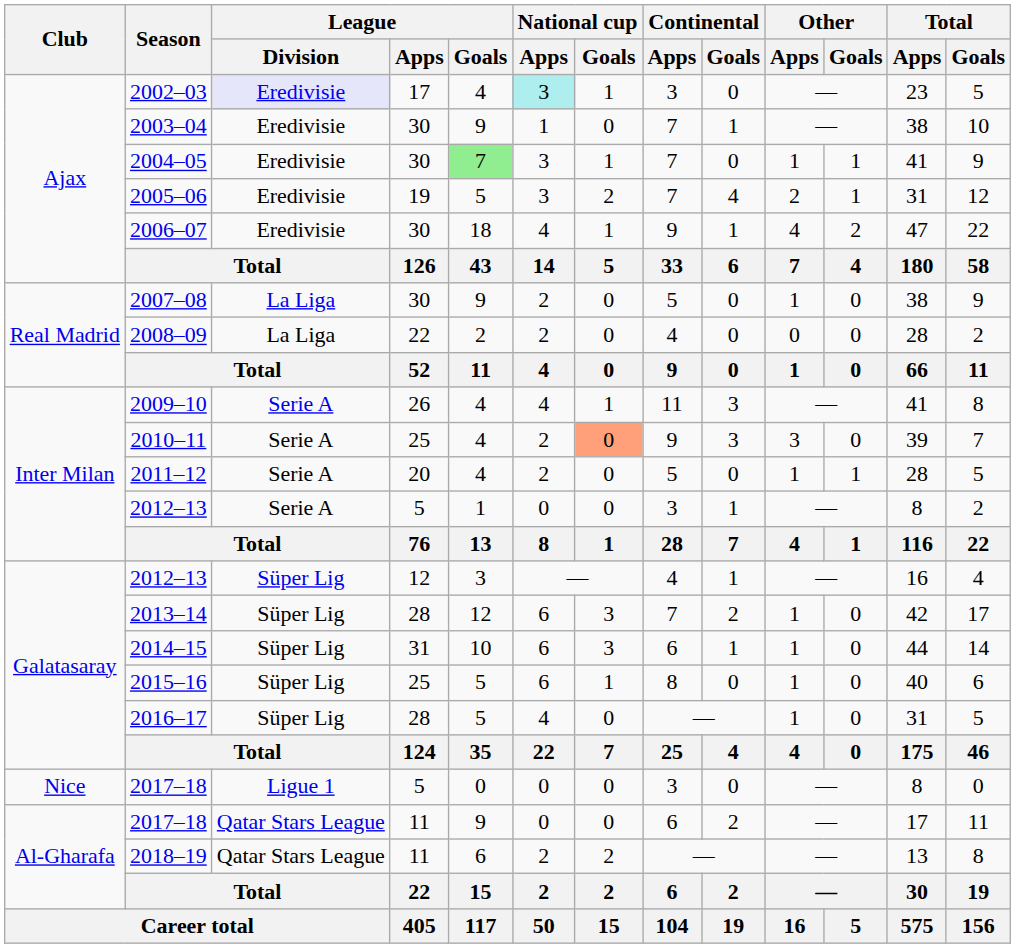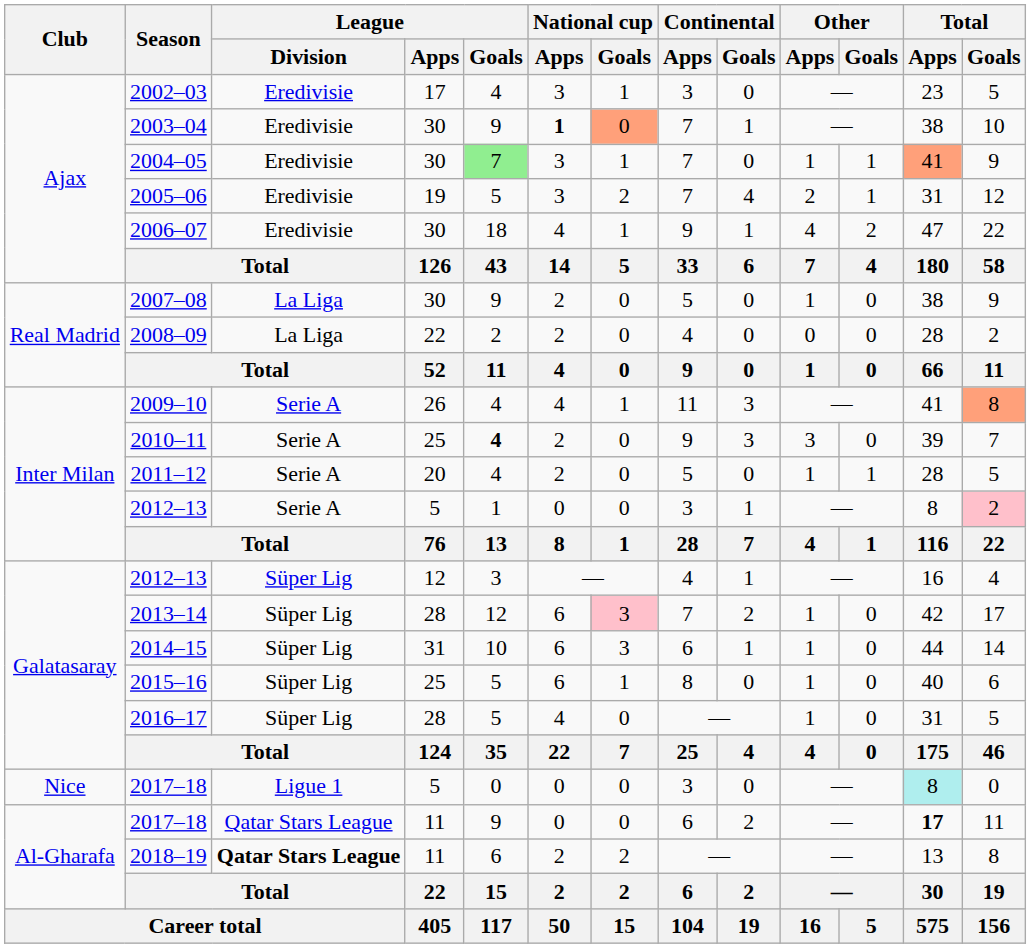 <table class="wikitable" style="text-align:center">
 <tr>
 <th rowspan="2">Club</th>
 <th rowspan="2">Season</th>
 <th colspan="3">League</th>
 <th colspan="2">National cup</th>
 <th colspan="2">Continental</th>
 <th colspan="2">Other</th>
 <th colspan="2">Total</th>
 </tr>
 <tr>
 <th>Division</th>
 <th>Apps</th>
 <th>Goals</th>
 <th>Apps</th>
 <th>Goals</th>
 <th>Apps</th>
 <th>Goals</th>
 <th>Apps</th>
 <th>Goals</th>
 <th>Apps</th>
 <th>Goals</th>
 </tr>
 <tr>
 <td rowspan="6"><a href='#'>Ajax</a></td>
 <td><a href='#'>2002–03</a></td>
-<td style="background: lavender;"><a href='#'>Eredivisie</a></td>
+<td><a href='#'>Eredivisie</a></td>
 <td>17</td>
 <td>4</td>
-<td style="background: paleturquoise;">3</td>
+<td>3</td>
 <td>1</td>
 <td>3</td>
 <td>0</td>
 <td colspan="2">—</td>
 <td>23</td>
 <td>5</td>
 </tr>
 <tr>
 <td><a href='#'>2003–04</a></td>
 <td>Eredivisie</td>
 <td>30</td>
 <td>9</td>
-<td>1</td>
-<td>0</td>
+<td><strong>1</strong></td>
+<td style="background: lightsalmon;">0</td>
 <td>7</td>
 <td>1</td>
 <td colspan="2">—</td>
 <td>38</td>
 <td>10</td>
 </tr>
 <tr>
 <td><a href='#'>2004–05</a></td>
 <td>Eredivisie</td>
 <td>30</td>
 <td style="background: lightgreen;">7</td>
 <td>3</td>
 <td>1</td>
 <td>7</td>
 <td>0</td>
 <td>1</td>
 <td>1</td>
-<td>41</td>
+<td style="background: lightsalmon;">41</td>
 <td>9</td>
 </tr>
 <tr>
 <td><a href='#'>2005–06</a></td>
 <td>Eredivisie</td>
 <td>19</td>
 <td>5</td>
 <td>3</td>
 <td>2</td>
 <td>7</td>
 <td>4</td>
 <td>2</td>
 <td>1</td>
 <td>31</td>
 <td>12</td>
 </tr>
 <tr>
 <td><a href='#'>2006–07</a></td>
 <td>Eredivisie</td>
 <td>30</td>
 <td>18</td>
 <td>4</td>
 <td>1</td>
 <td>9</td>
 <td>1</td>
 <td>4</td>
 <td>2</td>
 <td>47</td>
 <td>22</td>
 </tr>
 <tr>
 <th colspan="2">Total</th>
 <th>126</th>
 <th>43</th>
 <th>14</th>
 <th>5</th>
 <th>33</th>
 <th>6</th>
 <th>7</th>
 <th>4</th>
 <th>180</th>
 <th>58</th>
 </tr>
 <tr>
 <td rowspan="3"><a href='#'>Real Madrid</a></td>
 <td><a href='#'>2007–08</a></td>
 <td><a href='#'>La Liga</a></td>
 <td>30</td>
 <td>9</td>
 <td>2</td>
 <td>0</td>
 <td>5</td>
 <td>0</td>
 <td>1</td>
 <td>0</td>
 <td>38</td>
 <td>9</td>
 </tr>
 <tr>
 <td><a href='#'>2008–09</a></td>
 <td>La Liga</td>
 <td>22</td>
 <td>2</td>
 <td>2</td>
 <td>0</td>
 <td>4</td>
 <td>0</td>
 <td>0</td>
 <td>0</td>
 <td>28</td>
 <td>2</td>
 </tr>
 <tr>
 <th colspan="2">Total</th>
 <th>52</th>
 <th>11</th>
 <th>4</th>
 <th>0</th>
 <th>9</th>
 <th>0</th>
 <th>1</th>
 <th>0</th>
 <th>66</th>
 <th>11</th>
 </tr>
 <tr>
 <td rowspan="5"><a href='#'>Inter Milan</a></td>
 <td><a href='#'>2009–10</a></td>
 <td><a href='#'>Serie A</a></td>
 <td>26</td>
 <td>4</td>
 <td>4</td>
 <td>1</td>
 <td>11</td>
 <td>3</td>
 <td colspan="2">—</td>
 <td>41</td>
-<td>8</td>
+<td style="background: lightsalmon;">8</td>
 </tr>
 <tr>
 <td><a href='#'>2010–11</a></td>
 <td>Serie A</td>
 <td>25</td>
-<td>4</td>
+<td><strong>4</strong></td>
 <td>2</td>
-<td style="background: lightsalmon;">0</td>
+<td>0</td>
 <td>9</td>
 <td>3</td>
 <td>3</td>
 <td>0</td>
 <td>39</td>
 <td>7</td>
 </tr>
 <tr>
 <td><a href='#'>2011–12</a></td>
 <td>Serie A</td>
 <td>20</td>
 <td>4</td>
 <td>2</td>
 <td>0</td>
 <td>5</td>
 <td>0</td>
 <td>1</td>
 <td>1</td>
 <td>28</td>
 <td>5</td>
 </tr>
 <tr>
 <td><a href='#'>2012–13</a></td>
 <td>Serie A</td>
 <td>5</td>
 <td>1</td>
 <td>0</td>
 <td>0</td>
 <td>3</td>
 <td>1</td>
 <td colspan="2">—</td>
 <td>8</td>
-<td>2</td>
+<td style="background: pink;">2</td>
 </tr>
 <tr>
 <th colspan="2">Total</th>
 <th>76</th>
 <th>13</th>
 <th>8</th>
 <th>1</th>
 <th>28</th>
 <th>7</th>
 <th>4</th>
 <th>1</th>
 <th>116</th>
 <th>22</th>
 </tr>
 <tr>
 <td rowspan="6"><a href='#'>Galatasaray</a></td>
 <td><a href='#'>2012–13</a></td>
 <td><a href='#'>Süper Lig</a></td>
 <td>12</td>
 <td>3</td>
 <td colspan="2">—</td>
 <td>4</td>
 <td>1</td>
 <td colspan="2">—</td>
 <td>16</td>
 <td>4</td>
 </tr>
 <tr>
 <td><a href='#'>2013–14</a></td>
 <td>Süper Lig</td>
 <td>28</td>
 <td>12</td>
 <td>6</td>
-<td>3</td>
+<td style="background: pink;">3</td>
 <td>7</td>
 <td>2</td>
 <td>1</td>
 <td>0</td>
 <td>42</td>
 <td>17</td>
 </tr>
 <tr>
 <td><a href='#'>2014–15</a></td>
 <td>Süper Lig</td>
 <td>31</td>
 <td>10</td>
 <td>6</td>
 <td>3</td>
 <td>6</td>
 <td>1</td>
 <td>1</td>
 <td>0</td>
 <td>44</td>
 <td>14</td>
 </tr>
 <tr>
 <td><a href='#'>2015–16</a></td>
 <td>Süper Lig</td>
 <td>25</td>
 <td>5</td>
 <td>6</td>
 <td>1</td>
 <td>8</td>
 <td>0</td>
 <td>1</td>
 <td>0</td>
 <td>40</td>
 <td>6</td>
 </tr>
 <tr>
 <td><a href='#'>2016–17</a></td>
 <td>Süper Lig</td>
 <td>28</td>
 <td>5</td>
 <td>4</td>
 <td>0</td>
 <td colspan="2">—</td>
 <td>1</td>
 <td>0</td>
 <td>31</td>
 <td>5</td>
 </tr>
 <tr>
 <th colspan="2">Total</th>
 <th>124</th>
 <th>35</th>
 <th>22</th>
 <th>7</th>
 <th>25</th>
 <th>4</th>
 <th>4</th>
 <th>0</th>
 <th>175</th>
 <th>46</th>
 </tr>
 <tr>
 <td><a href='#'>Nice</a></td>
 <td><a href='#'>2017–18</a></td>
 <td><a href='#'>Ligue 1</a></td>
 <td>5</td>
 <td>0</td>
 <td>0</td>
 <td>0</td>
 <td>3</td>
 <td>0</td>
 <td colspan="2">—</td>
-<td>8</td>
+<td style="background: paleturquoise;">8</td>
 <td>0</td>
 </tr>
 <tr>
 <td rowspan="3"><a href='#'>Al-Gharafa</a></td>
 <td><a href='#'>2017–18</a></td>
 <td><a href='#'>Qatar Stars League</a></td>
 <td>11</td>
 <td>9</td>
 <td>0</td>
 <td>0</td>
 <td>6</td>
 <td>2</td>
 <td colspan="2">—</td>
-<td>17</td>
+<td><strong>17</strong></td>
 <td>11</td>
 </tr>
 <tr>
 <td><a href='#'>2018–19</a></td>
-<td>Qatar Stars League</td>
+<td><strong>Qatar Stars League</strong></td>
 <td>11</td>
 <td>6</td>
 <td>2</td>
 <td>2</td>
 <td colspan="2">—</td>
 <td colspan="2">—</td>
 <td>13</td>
 <td>8</td>
 </tr>
 <tr>
 <th colspan="2">Total</th>
 <th>22</th>
 <th>15</th>
 <th>2</th>
 <th>2</th>
 <th>6</th>
 <th>2</th>
 <th colspan="2">—</th>
 <th>30</th>
 <th>19</th>
 </tr>
 <tr>
 <th colspan="3">Career total</th>
 <th>405</th>
 <th>117</th>
 <th>50</th>
 <th>15</th>
 <th>104</th>
 <th>19</th>
 <th>16</th>
 <th>5</th>
 <th>575</th>
 <th>156</th>
 </tr>
 </table>
